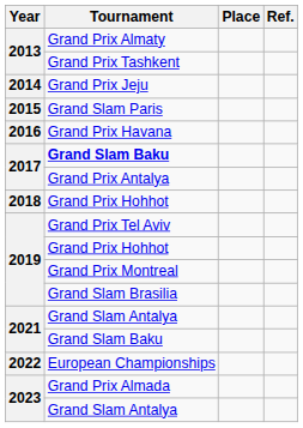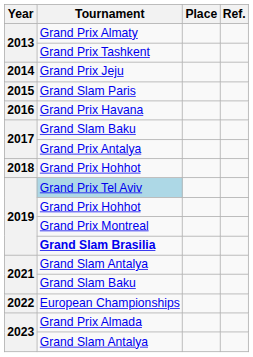 <table class="wikitable sortable" style="text-align:center;">
 <tr>
 <th>Year</th>
 <th>Tournament</th>
 <th>Place</th>
 <th>Ref.</th>
 </tr>
 <tr>
 <th rowspan=2>2013</th>
 <td align=left><a href='#'>Grand Prix Almaty</a></td>
 <td></td>
 <td></td>
 </tr>
 <tr>
 <td align=left><a href='#'>Grand Prix Tashkent</a></td>
 <td></td>
 <td></td>
 </tr>
 <tr>
 <th>2014</th>
 <td align=left><a href='#'>Grand Prix Jeju</a></td>
 <td></td>
 <td></td>
 </tr>
 <tr>
 <th>2015</th>
 <td align=left><a href='#'>Grand Slam Paris</a></td>
 <td></td>
 <td></td>
 </tr>
 <tr>
 <th>2016</th>
 <td align=left><a href='#'>Grand Prix Havana</a></td>
 <td></td>
 <td></td>
 </tr>
 <tr>
 <th rowspan=2>2017</th>
-<td align=left><strong><a href='#'>Grand Slam Baku</a></strong></td>
+<td align=left><a href='#'>Grand Slam Baku</a></td>
 <td></td>
 <td></td>
 </tr>
 <tr>
 <td align=left><a href='#'>Grand Prix Antalya</a></td>
 <td></td>
 <td></td>
 </tr>
 <tr>
 <th>2018</th>
 <td align=left><a href='#'>Grand Prix Hohhot</a></td>
 <td></td>
 <td></td>
 </tr>
 <tr>
 <th rowspan=4>2019</th>
-<td align=left><a href='#'>Grand Prix Tel Aviv</a></td>
+<td align=left style="background: lightblue;"><a href='#'>Grand Prix Tel Aviv</a></td>
 <td></td>
 <td></td>
 </tr>
 <tr>
 <td align=left><a href='#'>Grand Prix Hohhot</a></td>
 <td></td>
 <td></td>
 </tr>
 <tr>
 <td align=left><a href='#'>Grand Prix Montreal</a></td>
 <td></td>
 <td></td>
 </tr>
 <tr>
-<td align=left><a href='#'>Grand Slam Brasilia</a></td>
+<td align=left><strong><a href='#'>Grand Slam Brasilia</a></strong></td>
 <td></td>
 <td></td>
 </tr>
 <tr>
 <th rowspan=2>2021</th>
 <td align=left><a href='#'>Grand Slam Antalya</a></td>
 <td></td>
 <td></td>
 </tr>
 <tr>
 <td align=left><a href='#'>Grand Slam Baku</a></td>
 <td></td>
 <td></td>
 </tr>
 <tr>
 <th>2022</th>
 <td align=left><a href='#'>European Championships</a></td>
 <td></td>
 <td></td>
 </tr>
 <tr>
 <th rowspan=2>2023</th>
 <td align=left><a href='#'>Grand Prix Almada</a></td>
 <td></td>
 <td></td>
 </tr>
 <tr>
 <td align=left><a href='#'>Grand Slam Antalya</a></td>
 <td></td>
 <td></td>
 </tr>
 </table>
